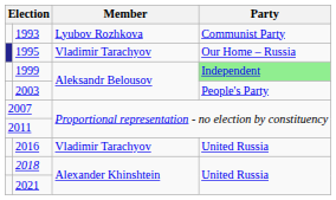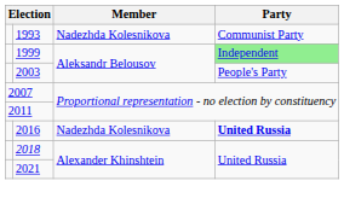 <table class="wikitable">
 <tr>
 <th colspan="2">Election</th>
 <th>Member</th>
 <th>Party</th>
 </tr>
 <tr>
 <td style="background-color:"></td>
 <td><a href='#'>1993</a></td>
-<td><a href='#'>Lyubov Rozhkova</a></td>
+<td><a href='#'>Nadezhda Kolesnikova</a></td>
 <td><a href='#'>Communist Party</a></td>
-</tr>
-<tr>
-<td style="background-color:#23238E"></td>
-<td><a href='#'>1995</a></td>
-<td><a href='#'>Vladimir Tarachyov</a></td>
-<td><a href='#'>Our Home – Russia</a></td>
 </tr>
 <tr>
 <td style="background-color:"></td>
 <td><a href='#'>1999</a></td>
 <td rowspan=2><a href='#'>Aleksandr Belousov</a></td>
 <td style="background: lightgreen;"><a href='#'>Independent</a></td>
 </tr>
 <tr>
 <td style="background-color:"></td>
 <td><a href='#'>2003</a></td>
 <td><a href='#'>People's Party</a></td>
 </tr>
 <tr>
 <td colspan=2><a href='#'>2007</a></td>
 <td colspan=2 rowspan=2><em><a href='#'>Proportional representation</a> - no election by constituency</em></td>
 </tr>
 <tr>
 <td colspan=2><a href='#'>2011</a></td>
 </tr>
 <tr>
 <td style="background-color:"></td>
 <td><a href='#'>2016</a></td>
-<td><a href='#'>Vladimir Tarachyov</a></td>
-<td><a href='#'>United Russia</a></td>
+<td><a href='#'>Nadezhda Kolesnikova</a></td>
+<td><strong><a href='#'>United Russia</a></strong></td>
 </tr>
 <tr>
 <td style="background-color: "></td>
 <td><em><a href='#'>2018</a></em></td>
 <td rowspan=2><a href='#'>Alexander Khinshtein</a></td>
 <td rowspan=2><a href='#'>United Russia</a></td>
 </tr>
 <tr>
 <td style="background-color: "></td>
 <td><a href='#'>2021</a></td>
 </tr>
 </table>
